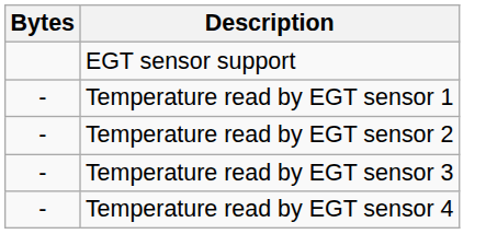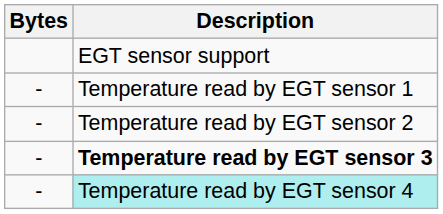 <table class="wikitable">
 <tr>
 <th>Bytes</th>
 <th>Description</th>
 </tr>
 <tr>
 <td align="center"></td>
 <td>EGT sensor support</td>
 </tr>
 <tr>
 <td align="center">-</td>
 <td>Temperature read by EGT sensor 1</td>
 </tr>
 <tr>
 <td align="center">-</td>
 <td>Temperature read by EGT sensor 2</td>
 </tr>
 <tr>
 <td align="center">-</td>
-<td>Temperature read by EGT sensor 3</td>
+<td><strong>Temperature read by EGT sensor 3</strong></td>
 </tr>
 <tr>
 <td align="center">-</td>
-<td>Temperature read by EGT sensor 4</td>
+<td style="background: paleturquoise;">Temperature read by EGT sensor 4</td>
 </tr>
 </table>
